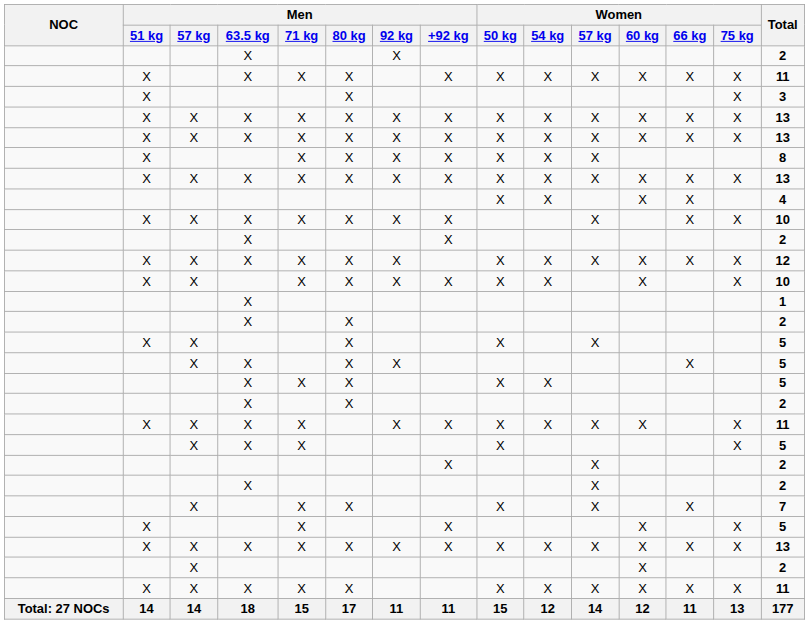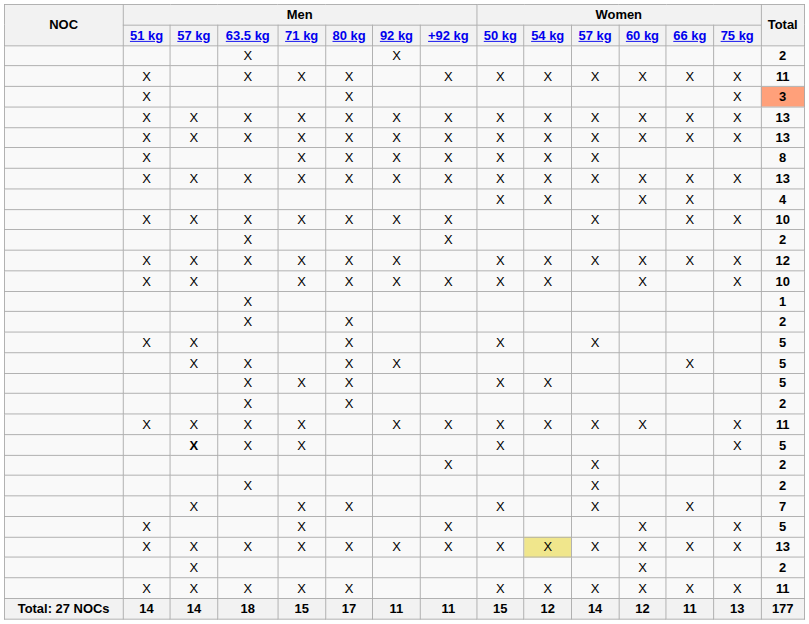 <table class="wikitable" width=890 style="text-align:center; font-size:90%">
 <tr>
 <th rowspan="2" align="left">NOC</th>
 <th colspan="7">Men</th>
 <th colspan="6">Women</th>
 <th rowspan="2">Total</th>
 </tr>
 <tr>
 <th><a href='#'>51 kg</a></th>
 <th><a href='#'>57 kg</a></th>
 <th><a href='#'>63.5 kg</a></th>
 <th><a href='#'>71 kg</a></th>
 <th><a href='#'>80 kg</a></th>
 <th><a href='#'>92 kg</a></th>
 <th><a href='#'>+92 kg</a></th>
 <th><a href='#'>50 kg</a></th>
 <th><a href='#'>54 kg</a></th>
 <th><a href='#'>57 kg</a></th>
 <th><a href='#'>60 kg</a></th>
 <th><a href='#'>66 kg</a></th>
 <th><a href='#'>75 kg</a></th>
 </tr>
 <tr>
 <td align="left"></td>
 <td></td>
 <td></td>
 <td>X</td>
 <td></td>
 <td></td>
 <td>X</td>
 <td></td>
 <td></td>
 <td></td>
 <td></td>
 <td></td>
 <td></td>
 <td></td>
 <td><strong>2</strong></td>
 </tr>
 <tr>
 <td align="left"></td>
 <td>X</td>
 <td></td>
 <td>X</td>
 <td>X</td>
 <td>X</td>
 <td></td>
 <td>X</td>
 <td>X</td>
 <td>X</td>
 <td>X</td>
 <td>X</td>
 <td>X</td>
 <td>X</td>
 <td><strong>11</strong></td>
 </tr>
 <tr>
 <td align="left"></td>
 <td>X</td>
 <td></td>
 <td></td>
 <td></td>
 <td>X</td>
 <td></td>
 <td></td>
 <td></td>
 <td></td>
 <td></td>
 <td></td>
 <td></td>
 <td>X</td>
-<td><strong>3</strong></td>
+<td style="background: lightsalmon;"><strong>3</strong></td>
 </tr>
 <tr>
 <td align="left"></td>
 <td>X</td>
 <td>X</td>
 <td>X</td>
 <td>X</td>
 <td>X</td>
 <td>X</td>
 <td>X</td>
 <td>X</td>
 <td>X</td>
 <td>X</td>
 <td>X</td>
 <td>X</td>
 <td>X</td>
 <td><strong>13</strong></td>
 </tr>
 <tr>
 <td align="left"></td>
 <td>X</td>
 <td>X</td>
 <td>X</td>
 <td>X</td>
 <td>X</td>
 <td>X</td>
 <td>X</td>
 <td>X</td>
 <td>X</td>
 <td>X</td>
 <td>X</td>
 <td>X</td>
 <td>X</td>
 <td><strong>13</strong></td>
 </tr>
 <tr>
 <td align="left"></td>
 <td>X</td>
 <td></td>
 <td></td>
 <td>X</td>
 <td>X</td>
 <td>X</td>
 <td>X</td>
 <td>X</td>
 <td>X</td>
 <td>X</td>
 <td></td>
 <td></td>
 <td></td>
 <td><strong>8</strong></td>
 </tr>
 <tr>
 <td align="left"></td>
 <td>X</td>
 <td>X</td>
 <td>X</td>
 <td>X</td>
 <td>X</td>
 <td>X</td>
 <td>X</td>
 <td>X</td>
 <td>X</td>
 <td>X</td>
 <td>X</td>
 <td>X</td>
 <td>X</td>
 <td><strong>13</strong></td>
 </tr>
 <tr>
 <td align="left"></td>
 <td></td>
 <td></td>
 <td></td>
 <td></td>
 <td></td>
 <td></td>
 <td></td>
 <td>X</td>
 <td>X</td>
 <td></td>
 <td>X</td>
 <td>X</td>
 <td></td>
 <td><strong>4</strong></td>
 </tr>
 <tr>
 <td align="left"></td>
 <td>X</td>
 <td>X</td>
 <td>X</td>
 <td>X</td>
 <td>X</td>
 <td>X</td>
 <td>X</td>
 <td></td>
 <td></td>
 <td>X</td>
 <td></td>
 <td>X</td>
 <td>X</td>
 <td><strong>10</strong></td>
 </tr>
 <tr>
 <td align="left"></td>
 <td></td>
 <td></td>
 <td>X</td>
 <td></td>
 <td></td>
 <td></td>
 <td>X</td>
 <td></td>
 <td></td>
 <td></td>
 <td></td>
 <td></td>
 <td></td>
 <td><strong>2</strong></td>
 </tr>
 <tr>
 <td align="left"></td>
 <td>X</td>
 <td>X</td>
 <td>X</td>
 <td>X</td>
 <td>X</td>
 <td>X</td>
 <td></td>
 <td>X</td>
 <td>X</td>
 <td>X</td>
 <td>X</td>
 <td>X</td>
 <td>X</td>
 <td><strong>12</strong></td>
 </tr>
 <tr>
 <td align="left"></td>
 <td>X</td>
 <td>X</td>
 <td></td>
 <td>X</td>
 <td>X</td>
 <td>X</td>
 <td>X</td>
 <td>X</td>
 <td>X</td>
 <td></td>
 <td>X</td>
 <td></td>
 <td>X</td>
 <td><strong>10</strong></td>
 </tr>
 <tr>
 <td align="left"></td>
 <td></td>
 <td></td>
 <td>X</td>
 <td></td>
 <td></td>
 <td></td>
 <td></td>
 <td></td>
 <td></td>
 <td></td>
 <td></td>
 <td></td>
 <td></td>
 <td><strong>1</strong></td>
 </tr>
 <tr>
 <td align="left"></td>
 <td></td>
 <td></td>
 <td>X</td>
 <td></td>
 <td>X</td>
 <td></td>
 <td></td>
 <td></td>
 <td></td>
 <td></td>
 <td></td>
 <td></td>
 <td></td>
 <td><strong>2</strong></td>
 </tr>
 <tr>
 <td align="left"></td>
 <td>X</td>
 <td>X</td>
 <td></td>
 <td></td>
 <td>X</td>
 <td></td>
 <td></td>
 <td>X</td>
 <td></td>
 <td>X</td>
 <td></td>
 <td></td>
 <td></td>
 <td><strong>5</strong></td>
 </tr>
 <tr>
 <td align="left"></td>
 <td></td>
 <td>X</td>
 <td>X</td>
 <td></td>
 <td>X</td>
 <td>X</td>
 <td></td>
 <td></td>
 <td></td>
 <td></td>
 <td></td>
 <td>X</td>
 <td></td>
 <td><strong>5</strong></td>
 </tr>
 <tr>
 <td align="left"></td>
 <td></td>
 <td></td>
 <td>X</td>
 <td>X</td>
 <td>X</td>
 <td></td>
 <td></td>
 <td>X</td>
 <td>X</td>
 <td></td>
 <td></td>
 <td></td>
 <td></td>
 <td><strong>5</strong></td>
 </tr>
 <tr>
 <td align="left"></td>
 <td></td>
 <td></td>
 <td>X</td>
 <td></td>
 <td>X</td>
 <td></td>
 <td></td>
 <td></td>
 <td></td>
 <td></td>
 <td></td>
 <td></td>
 <td></td>
 <td><strong>2</strong></td>
 </tr>
 <tr>
 <td align="left"></td>
 <td>X</td>
 <td>X</td>
 <td>X</td>
 <td>X</td>
 <td></td>
 <td>X</td>
 <td>X</td>
 <td>X</td>
 <td>X</td>
 <td>X</td>
 <td>X</td>
 <td></td>
 <td>X</td>
 <td><strong>11</strong></td>
 </tr>
 <tr>
 <td align="left"></td>
 <td></td>
-<td>X</td>
+<td><strong>X</strong></td>
 <td>X</td>
 <td>X</td>
 <td></td>
 <td></td>
 <td></td>
 <td>X</td>
 <td></td>
 <td></td>
 <td></td>
 <td></td>
 <td>X</td>
 <td><strong>5</strong></td>
 </tr>
 <tr>
 <td align="left"></td>
 <td></td>
 <td></td>
 <td></td>
 <td></td>
 <td></td>
 <td></td>
 <td>X</td>
 <td></td>
 <td></td>
 <td>X</td>
 <td></td>
 <td></td>
 <td></td>
 <td><strong>2</strong></td>
 </tr>
 <tr>
 <td align="left"></td>
 <td></td>
 <td></td>
 <td>X</td>
 <td></td>
 <td></td>
 <td></td>
 <td></td>
 <td></td>
 <td></td>
 <td>X</td>
 <td></td>
 <td></td>
 <td></td>
 <td><strong>2</strong></td>
 </tr>
 <tr>
 <td align="left"></td>
 <td></td>
 <td>X</td>
 <td></td>
 <td>X</td>
 <td>X</td>
 <td></td>
 <td></td>
 <td>X</td>
 <td></td>
 <td>X</td>
 <td></td>
 <td>X</td>
 <td></td>
 <td><strong>7</strong></td>
 </tr>
 <tr>
 <td align="left"></td>
 <td>X</td>
 <td></td>
 <td></td>
 <td>X</td>
 <td></td>
 <td></td>
 <td>X</td>
 <td></td>
 <td></td>
 <td></td>
 <td>X</td>
 <td></td>
 <td>X</td>
 <td><strong>5</strong></td>
 </tr>
 <tr>
 <td align="left"></td>
 <td>X</td>
 <td>X</td>
 <td>X</td>
 <td>X</td>
 <td>X</td>
 <td>X</td>
 <td>X</td>
 <td>X</td>
-<td>X</td>
+<td style="background: khaki;">X</td>
 <td>X</td>
 <td>X</td>
 <td>X</td>
 <td>X</td>
 <td><strong>13</strong></td>
 </tr>
 <tr>
 <td align="left"></td>
 <td></td>
 <td>X</td>
 <td></td>
 <td></td>
 <td></td>
 <td></td>
 <td></td>
 <td></td>
 <td></td>
 <td></td>
 <td>X</td>
 <td></td>
 <td></td>
 <td><strong>2</strong></td>
 </tr>
 <tr>
 <td align="left"></td>
 <td>X</td>
 <td>X</td>
 <td>X</td>
 <td>X</td>
 <td>X</td>
 <td></td>
 <td></td>
 <td>X</td>
 <td>X</td>
 <td>X</td>
 <td>X</td>
 <td>X</td>
 <td>X</td>
 <td><strong>11</strong></td>
 </tr>
 <tr>
 <th>Total: 27 NOCs</th>
 <th>14</th>
 <th>14</th>
 <th>18</th>
 <th>15</th>
 <th>17</th>
 <th>11</th>
 <th>11</th>
 <th>15</th>
 <th>12</th>
 <th>14</th>
 <th>12</th>
 <th>11</th>
 <th>13</th>
 <th>177</th>
 </tr>
 </table>
